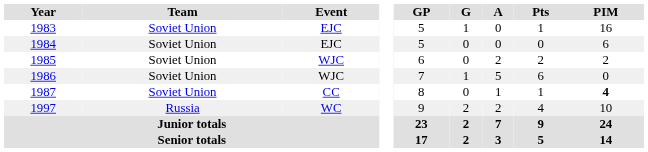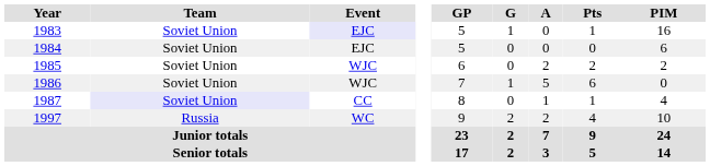 <table border="0" cellpadding="1" cellspacing="0" style="text-align:center; width:50em">
 <tr ALIGN="center" bgcolor="#e0e0e0">
 <th>Year</th>
 <th>Team</th>
 <th>Event</th>
 <th ALIGN="center" rowspan="99" bgcolor="#ffffff"> </th>
 <th>GP</th>
 <th>G</th>
 <th>A</th>
 <th>Pts</th>
 <th>PIM</th>
 </tr>
 <tr>
 <td><a href='#'>1983</a></td>
 <td><a href='#'>Soviet Union</a></td>
-<td><a href='#'>EJC</a></td>
+<td style="background: lavender;"><a href='#'>EJC</a></td>
 <td>5</td>
 <td>1</td>
 <td>0</td>
 <td>1</td>
 <td>16</td>
 </tr>
 <tr bgcolor="#f0f0f0">
 <td><a href='#'>1984</a></td>
 <td>Soviet Union</td>
 <td>EJC</td>
 <td>5</td>
 <td>0</td>
 <td>0</td>
 <td>0</td>
 <td>6</td>
 </tr>
 <tr>
 <td><a href='#'>1985</a></td>
 <td>Soviet Union</td>
 <td><a href='#'>WJC</a></td>
 <td>6</td>
 <td>0</td>
 <td>2</td>
 <td>2</td>
 <td>2</td>
 </tr>
 <tr bgcolor="#f0f0f0">
 <td><a href='#'>1986</a></td>
 <td>Soviet Union</td>
 <td>WJC</td>
 <td>7</td>
 <td>1</td>
 <td>5</td>
 <td>6</td>
 <td>0</td>
 </tr>
 <tr>
 <td><a href='#'>1987</a></td>
-<td><a href='#'>Soviet Union</a></td>
+<td style="background: lavender;"><a href='#'>Soviet Union</a></td>
 <td><a href='#'>CC</a></td>
 <td>8</td>
 <td>0</td>
 <td>1</td>
 <td>1</td>
-<td><strong>4</strong></td>
+<td>4</td>
 </tr>
 <tr bgcolor="#f0f0f0">
 <td><a href='#'>1997</a></td>
 <td><a href='#'>Russia</a></td>
 <td><a href='#'>WC</a></td>
 <td>9</td>
 <td>2</td>
 <td>2</td>
 <td>4</td>
 <td>10</td>
 </tr>
 <tr bgcolor="#e0e0e0">
 <th colspan=3>Junior totals</th>
 <th>23</th>
 <th>2</th>
 <th>7</th>
 <th>9</th>
 <th>24</th>
 </tr>
 <tr bgcolor="#e0e0e0">
 <th colspan=3>Senior totals</th>
 <th>17</th>
 <th>2</th>
 <th>3</th>
 <th>5</th>
 <th>14</th>
 </tr>
 </table>
